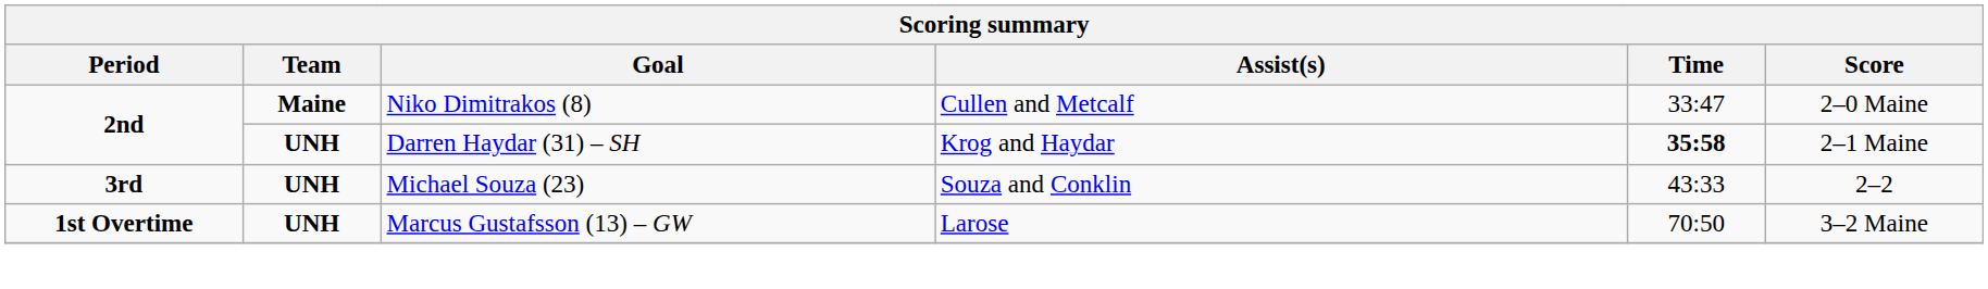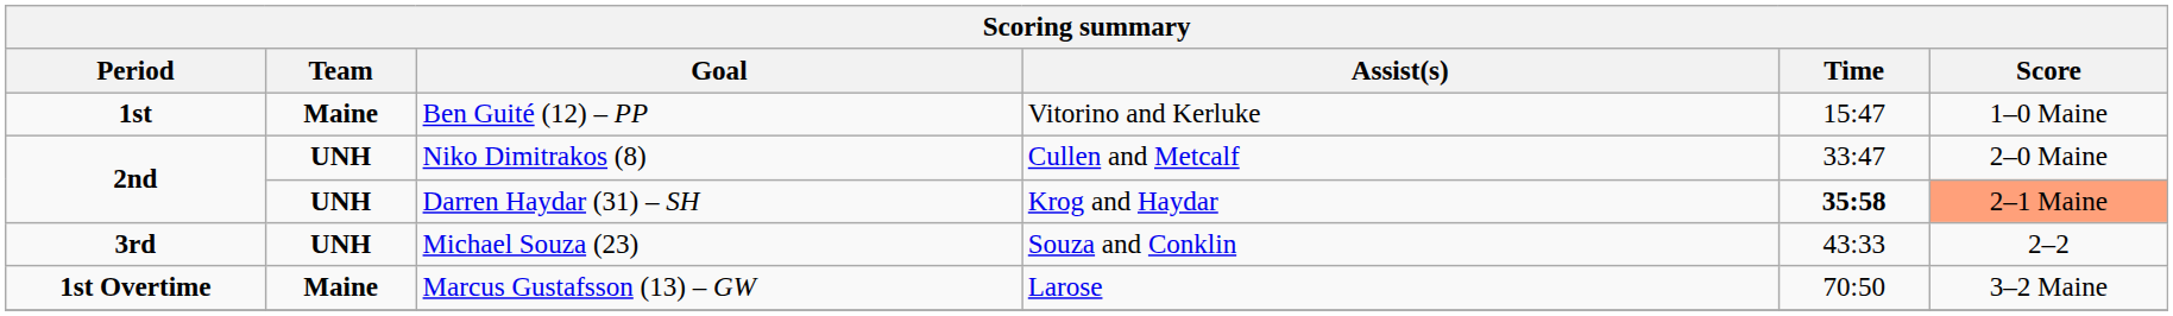 <table style="width:100%;" class="wikitable">
 <tr>
 <th colspan=6>Scoring summary</th>
 </tr>
 <tr>
 <th style="width:12%;">Period</th>
 <th style="width:7%;">Team</th>
 <th style="width:28%;">Goal</th>
 <th style="width:35%;">Assist(s)</th>
 <th style="width:7%;">Time</th>
 <th style="width:11%;">Score</th>
 </tr>
 <tr>
+<td align=center><strong>1st</strong></td>
+<td align=center><strong>Maine</strong></td>
+<td><a href='#'>Ben Guité</a> (12) – <em>PP</em></td>
+<td>Vitorino and Kerluke</td>
+<td align=center>15:47</td>
+<td align=center>1–0 Maine</td>
+</tr>
+<tr>
 <td style="text-align:center;" rowspan="2"><strong>2nd</strong></td>
-<td align=center><strong>Maine</strong></td>
+<td align=center><strong>UNH</strong></td>
 <td><a href='#'>Niko Dimitrakos</a> (8)</td>
 <td><a href='#'>Cullen</a> and <a href='#'>Metcalf</a></td>
 <td align=center>33:47</td>
 <td align=center>2–0 Maine</td>
 </tr>
 <tr>
 <td align=center><strong>UNH</strong></td>
 <td><a href='#'>Darren Haydar</a> (31) – <em>SH</em></td>
 <td><a href='#'>Krog</a> and <a href='#'>Haydar</a></td>
 <td align=center><strong>35:58</strong></td>
-<td align=center>2–1 Maine</td>
+<td align=center style="background: lightsalmon;">2–1 Maine</td>
 </tr>
 <tr>
 <td align=center><strong>3rd</strong></td>
 <td align=center><strong>UNH</strong></td>
 <td><a href='#'>Michael Souza</a> (23)</td>
 <td><a href='#'>Souza</a> and <a href='#'>Conklin</a></td>
 <td align=center>43:33</td>
 <td align=center>2–2</td>
 </tr>
 <tr>
 <td align=center><strong>1st Overtime</strong></td>
-<td align=center><strong>UNH</strong></td>
+<td align=center><strong>Maine</strong></td>
 <td><a href='#'>Marcus Gustafsson</a> (13) – <em>GW</em></td>
 <td><a href='#'>Larose</a></td>
 <td align=center>70:50</td>
 <td align=center>3–2 Maine</td>
 </tr>
 <tr>
 </tr>
 </table>
